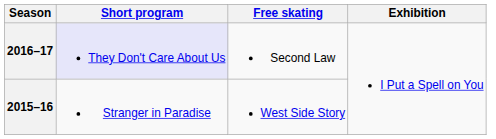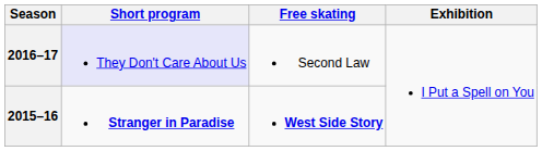 <table class="wikitable" style="text-align:center">
 <tr>
 <th>Season</th>
 <th><a href='#'>Short program</a></th>
 <th><a href='#'>Free skating</a></th>
 <th>Exhibition</th>
 </tr>
 <tr>
 <th>2016–17 <br> </th>
 <td style="background: lavender;"><br><ul><li><a href='#'>They Don't Care About Us</a> <br></li></ul></td>
 <td><br><ul><li>Second Law <br></li></ul></td>
 <td rowspan=2><br><ul><li><a href='#'>I Put a Spell on You</a> <br></li></ul></td>
 </tr>
 <tr>
 <th>2015–16 <br> </th>
-<td><br><ul><li><a href='#'>Stranger in Paradise</a> <br></li></ul></td>
-<td><br><ul><li><a href='#'>West Side Story</a> <br></li></ul></td>
+<td><strong><br><ul><li><a href='#'>Stranger in Paradise</a> <br></li></ul></strong></td>
+<td><strong><br><ul><li><a href='#'>West Side Story</a> <br></li></ul></strong></td>
 </tr>
 </table>
